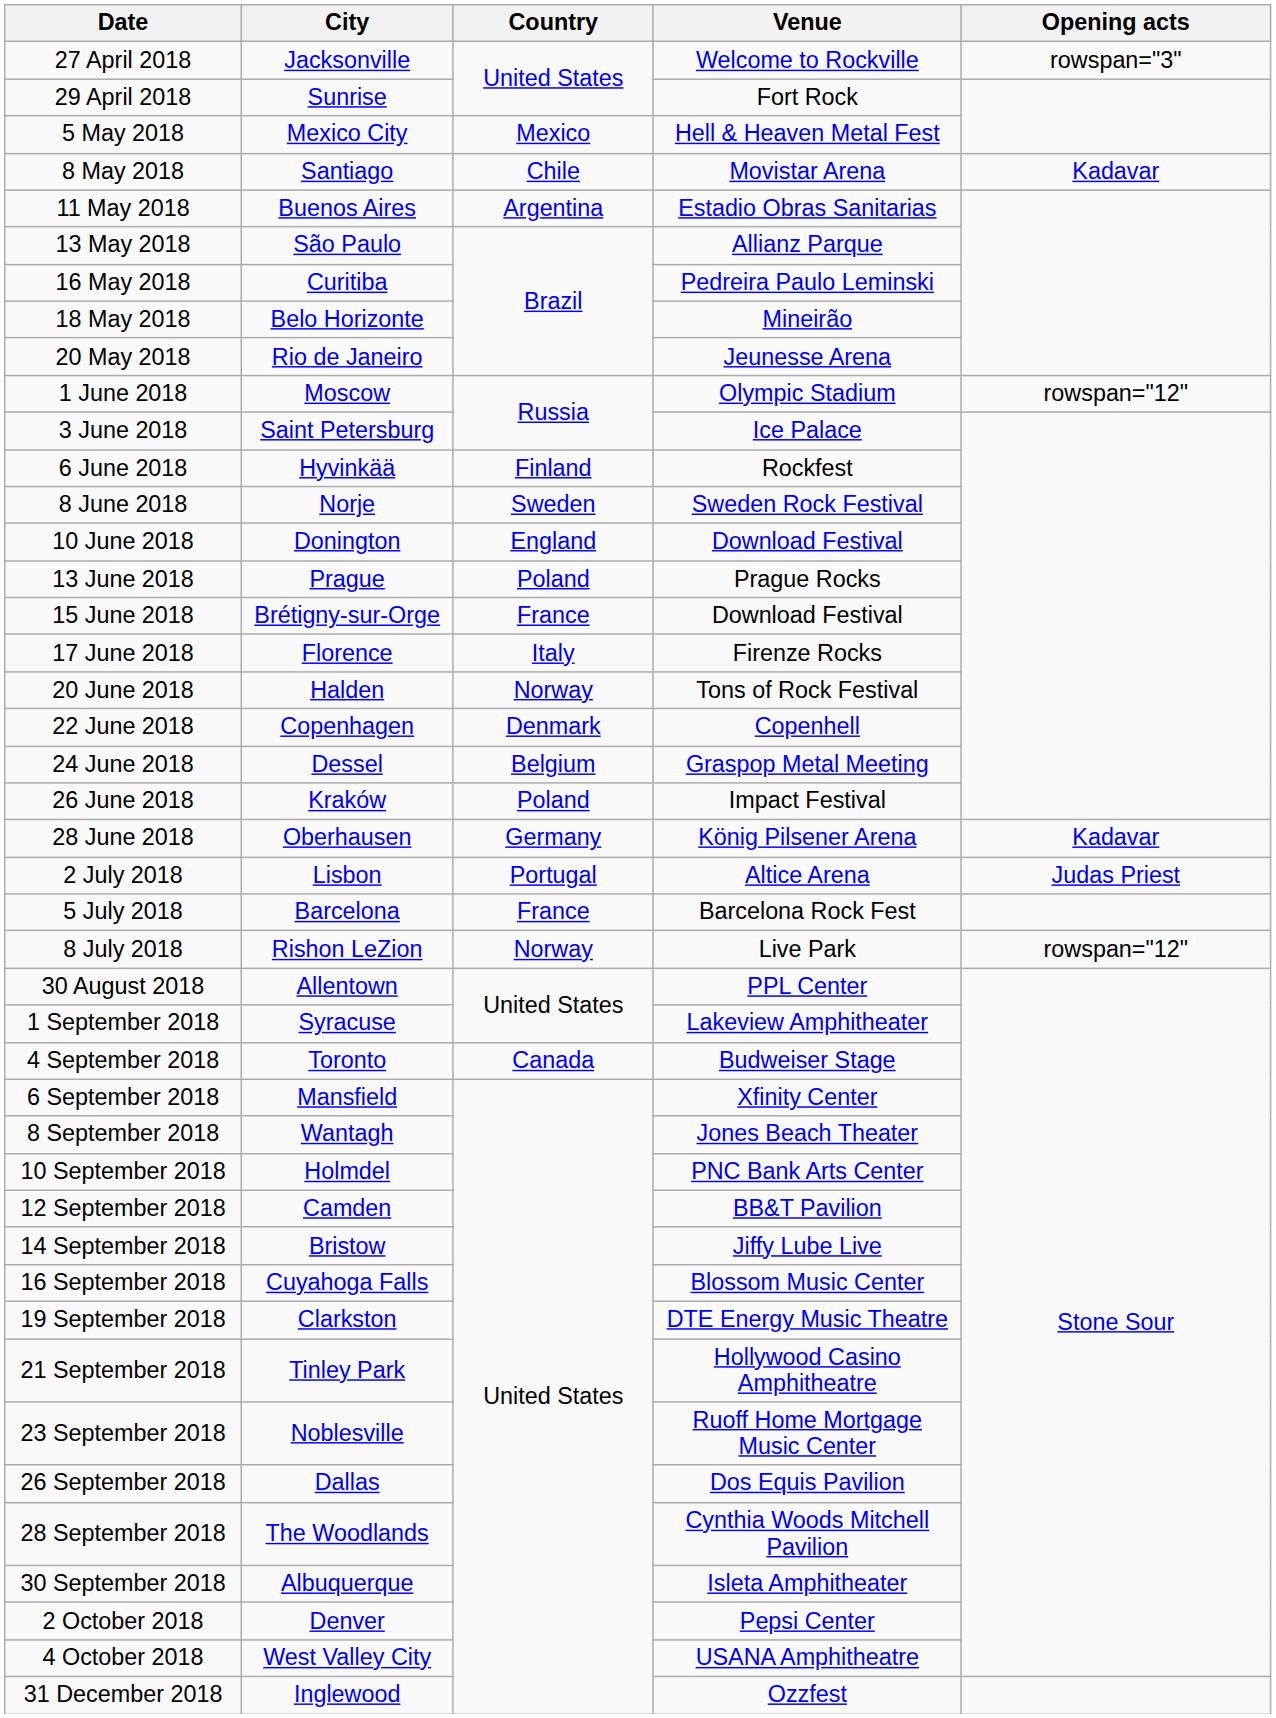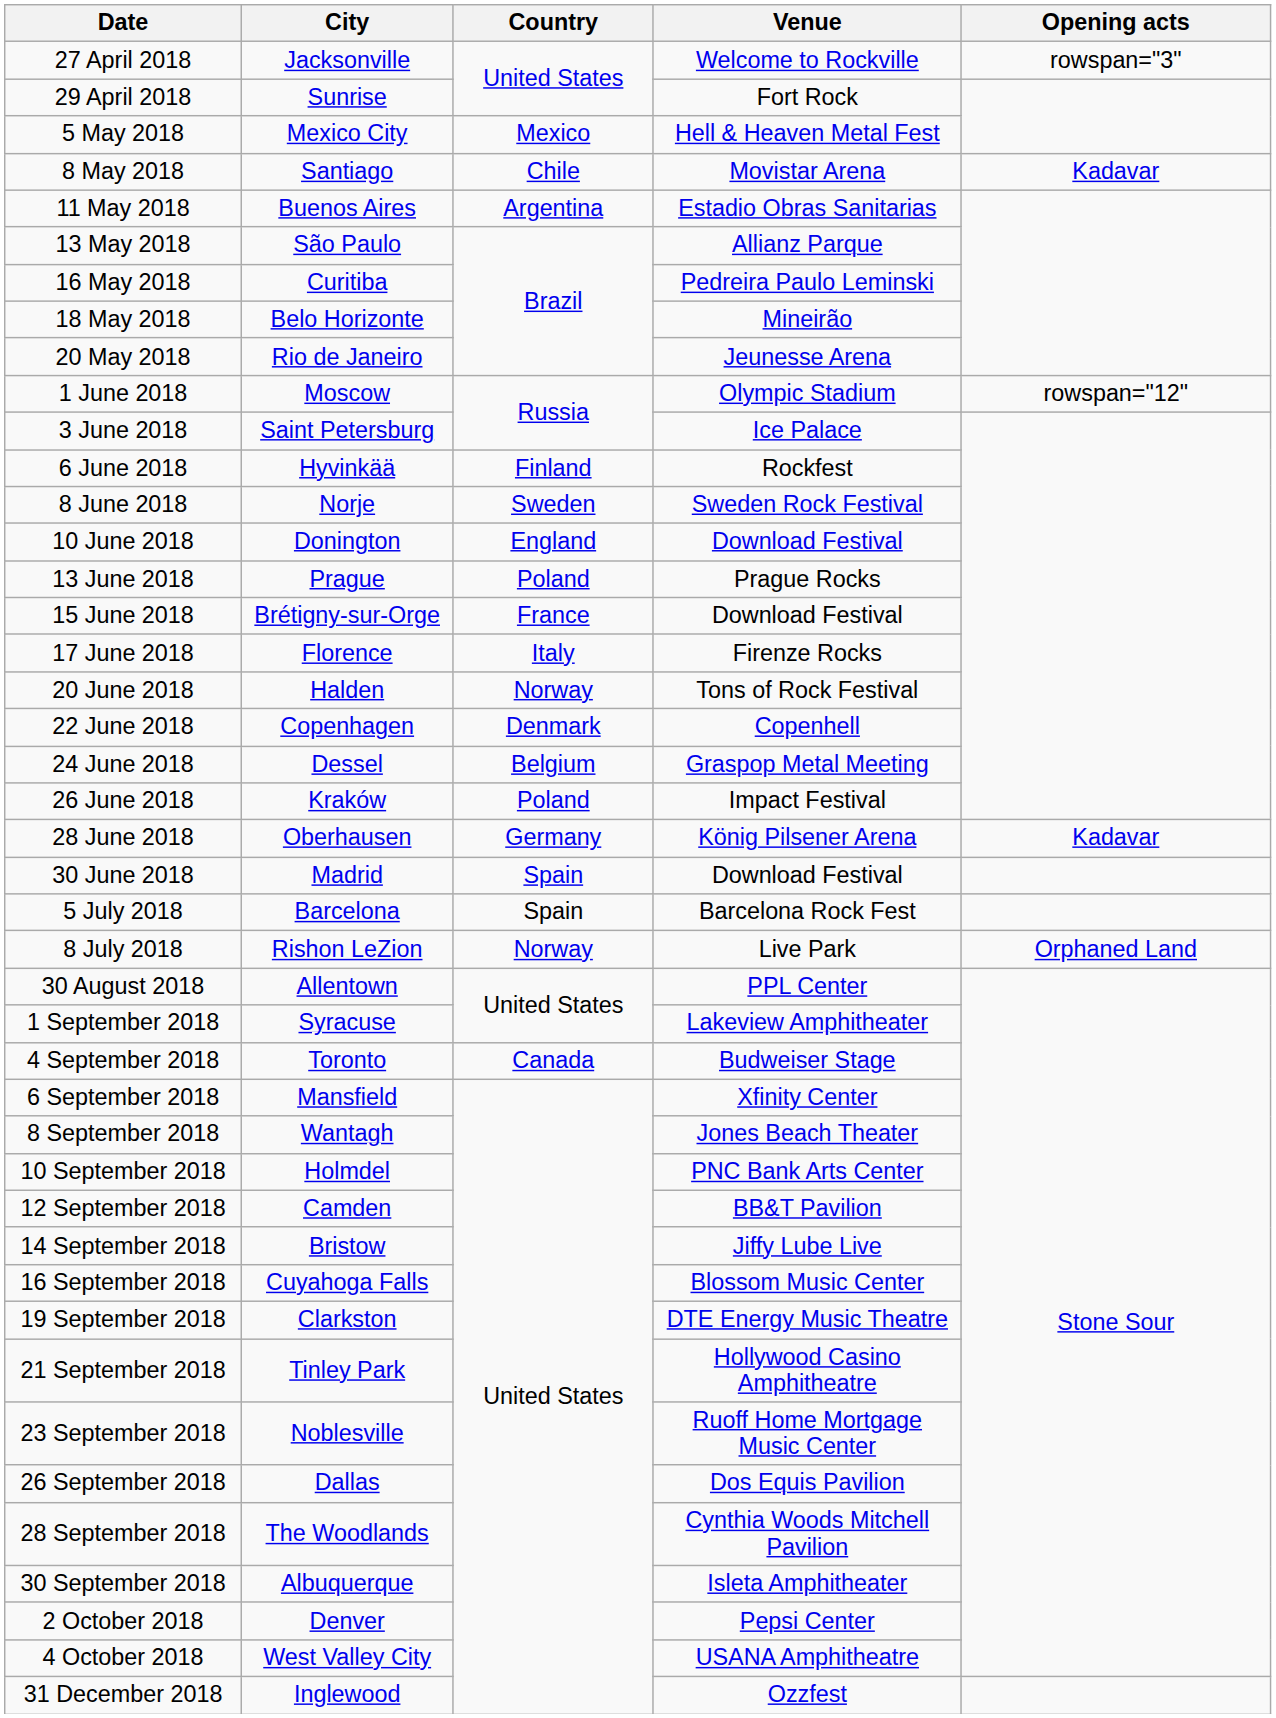 <table class="wikitable" style="text-align:center;">
 <tr>
 <th scope="col" style="width:12em;">Date</th>
 <th scope="col" style="width:10em;">City</th>
 <th scope="col" style="width:10em;">Country</th>
 <th scope="col" style="width:16em;">Venue</th>
 <th scope="col" style="width:16em;">Opening acts</th>
 </tr>
 <tr>
 <td>27 April 2018</td>
 <td><a href='#'>Jacksonville</a></td>
 <td rowspan="2"><a href='#'>United States</a></td>
 <td><a href='#'>Welcome to Rockville</a></td>
 <td>rowspan="3" </td>
 </tr>
 <tr>
 <td>29 April 2018</td>
 <td><a href='#'>Sunrise</a></td>
 <td>Fort Rock</td>
 </tr>
 <tr>
 <td>5 May 2018</td>
 <td><a href='#'>Mexico City</a></td>
 <td><a href='#'>Mexico</a></td>
 <td><a href='#'>Hell & Heaven Metal Fest</a></td>
 </tr>
 <tr>
 <td>8 May 2018</td>
 <td><a href='#'>Santiago</a></td>
 <td><a href='#'>Chile</a></td>
 <td><a href='#'>Movistar Arena</a></td>
 <td><a href='#'>Kadavar</a></td>
 </tr>
 <tr>
 <td>11 May 2018</td>
 <td><a href='#'>Buenos Aires</a></td>
 <td><a href='#'>Argentina</a></td>
 <td><a href='#'>Estadio Obras Sanitarias</a></td>
 </tr>
 <tr>
 <td>13 May 2018</td>
 <td><a href='#'>São Paulo</a></td>
 <td rowspan="4"><a href='#'>Brazil</a></td>
 <td><a href='#'>Allianz Parque</a></td>
 </tr>
 <tr>
 <td>16 May 2018</td>
 <td><a href='#'>Curitiba</a></td>
 <td><a href='#'>Pedreira Paulo Leminski</a></td>
 </tr>
 <tr>
 <td>18 May 2018</td>
 <td><a href='#'>Belo Horizonte</a></td>
 <td><a href='#'>Mineirão</a></td>
 </tr>
 <tr>
 <td>20 May 2018</td>
 <td><a href='#'>Rio de Janeiro</a></td>
 <td><a href='#'>Jeunesse Arena</a></td>
 </tr>
 <tr>
 <td>1 June 2018</td>
 <td><a href='#'>Moscow</a></td>
 <td rowspan="2"><a href='#'>Russia</a></td>
 <td><a href='#'>Olympic Stadium</a></td>
 <td>rowspan="12" </td>
 </tr>
 <tr>
 <td>3 June 2018</td>
 <td><a href='#'>Saint Petersburg</a></td>
 <td><a href='#'>Ice Palace</a></td>
 </tr>
 <tr>
 <td>6 June 2018</td>
 <td><a href='#'>Hyvinkää</a></td>
 <td><a href='#'>Finland</a></td>
 <td>Rockfest</td>
 </tr>
 <tr>
 <td>8 June 2018</td>
 <td><a href='#'>Norje</a></td>
 <td><a href='#'>Sweden</a></td>
 <td><a href='#'>Sweden Rock Festival</a></td>
 </tr>
 <tr>
 <td>10 June 2018</td>
 <td><a href='#'>Donington</a></td>
 <td><a href='#'>England</a></td>
 <td><a href='#'>Download Festival</a></td>
 </tr>
 <tr>
 <td>13 June 2018</td>
 <td><a href='#'>Prague</a></td>
 <td><a href='#'>Poland</a></td>
 <td>Prague Rocks</td>
 </tr>
 <tr>
 <td>15 June 2018</td>
 <td><a href='#'>Brétigny-sur-Orge</a></td>
 <td><a href='#'>France</a></td>
 <td>Download Festival</td>
 </tr>
 <tr>
 <td>17 June 2018</td>
 <td><a href='#'>Florence</a></td>
 <td><a href='#'>Italy</a></td>
 <td>Firenze Rocks</td>
 </tr>
 <tr>
 <td>20 June 2018</td>
 <td><a href='#'>Halden</a></td>
 <td><a href='#'>Norway</a></td>
 <td>Tons of Rock Festival</td>
 </tr>
 <tr>
 <td>22 June 2018</td>
 <td><a href='#'>Copenhagen</a></td>
 <td><a href='#'>Denmark</a></td>
 <td><a href='#'>Copenhell</a></td>
 </tr>
 <tr>
 <td>24 June 2018</td>
 <td><a href='#'>Dessel</a></td>
 <td><a href='#'>Belgium</a></td>
 <td><a href='#'>Graspop Metal Meeting</a></td>
 </tr>
 <tr>
 <td>26 June 2018</td>
 <td><a href='#'>Kraków</a></td>
 <td><a href='#'>Poland</a></td>
 <td>Impact Festival</td>
 </tr>
 <tr>
 <td>28 June 2018</td>
 <td><a href='#'>Oberhausen</a></td>
 <td><a href='#'>Germany</a></td>
 <td><a href='#'>König Pilsener Arena</a></td>
 <td><a href='#'>Kadavar</a></td>
 </tr>
 <tr>
-<td>2 July 2018</td>
-<td><a href='#'>Lisbon</a></td>
-<td><a href='#'>Portugal</a></td>
-<td><a href='#'>Altice Arena</a></td>
-<td><a href='#'>Judas Priest</a></td>
+<td>30 June 2018</td>
+<td><a href='#'>Madrid</a></td>
+<td><a href='#'>Spain</a></td>
+<td>Download Festival</td>
+<td></td>
 </tr>
 <tr>
 <td>5 July 2018</td>
 <td><a href='#'>Barcelona</a></td>
-<td><a href='#'>France</a></td>
+<td>Spain</td>
 <td>Barcelona Rock Fest</td>
 <td></td>
 </tr>
 <tr>
 <td>8 July 2018</td>
 <td><a href='#'>Rishon LeZion</a></td>
 <td><a href='#'>Norway</a></td>
 <td>Live Park</td>
-<td>rowspan="12" </td>
+<td rowspan="1"><a href='#'>Orphaned Land</a></td>
 </tr>
 <tr>
 <td>30 August 2018</td>
 <td><a href='#'>Allentown</a></td>
 <td rowspan="2">United States</td>
 <td><a href='#'>PPL Center</a></td>
 <td rowspan="17"><a href='#'>Stone Sour</a></td>
 </tr>
 <tr>
 <td>1 September 2018</td>
 <td><a href='#'>Syracuse</a></td>
 <td><a href='#'>Lakeview Amphitheater</a></td>
 </tr>
 <tr>
 <td>4 September 2018</td>
 <td><a href='#'>Toronto</a></td>
 <td><a href='#'>Canada</a></td>
 <td><a href='#'>Budweiser Stage</a></td>
 </tr>
 <tr>
 <td>6 September 2018</td>
 <td><a href='#'>Mansfield</a></td>
 <td rowspan="15">United States</td>
 <td><a href='#'>Xfinity Center</a></td>
 </tr>
 <tr>
 <td>8 September 2018</td>
 <td><a href='#'>Wantagh</a></td>
 <td><a href='#'>Jones Beach Theater</a></td>
 </tr>
 <tr>
 <td>10 September 2018</td>
 <td><a href='#'>Holmdel</a></td>
 <td><a href='#'>PNC Bank Arts Center</a></td>
 </tr>
 <tr>
 <td>12 September 2018</td>
 <td><a href='#'>Camden</a></td>
 <td><a href='#'>BB&T Pavilion</a></td>
 </tr>
 <tr>
 <td>14 September 2018</td>
 <td><a href='#'>Bristow</a></td>
 <td><a href='#'>Jiffy Lube Live</a></td>
 </tr>
 <tr>
 <td>16 September 2018</td>
 <td><a href='#'>Cuyahoga Falls</a></td>
 <td><a href='#'>Blossom Music Center</a></td>
 </tr>
 <tr>
 <td>19 September 2018</td>
 <td><a href='#'>Clarkston</a></td>
 <td><a href='#'>DTE Energy Music Theatre</a></td>
 </tr>
 <tr>
 <td>21 September 2018</td>
 <td><a href='#'>Tinley Park</a></td>
 <td><a href='#'>Hollywood Casino Amphitheatre</a></td>
 </tr>
 <tr>
 <td>23 September 2018</td>
 <td><a href='#'>Noblesville</a></td>
 <td><a href='#'>Ruoff Home Mortgage Music Center</a></td>
 </tr>
 <tr>
 <td>26 September 2018</td>
 <td><a href='#'>Dallas</a></td>
 <td><a href='#'>Dos Equis Pavilion</a></td>
 </tr>
 <tr>
 <td>28 September 2018</td>
 <td><a href='#'>The Woodlands</a></td>
 <td><a href='#'>Cynthia Woods Mitchell Pavilion</a></td>
 </tr>
 <tr>
 <td>30 September 2018</td>
 <td><a href='#'>Albuquerque</a></td>
 <td><a href='#'>Isleta Amphitheater</a></td>
 </tr>
 <tr>
 <td>2 October 2018</td>
 <td><a href='#'>Denver</a></td>
 <td><a href='#'>Pepsi Center</a></td>
 </tr>
 <tr>
 <td>4 October 2018</td>
 <td><a href='#'>West Valley City</a></td>
 <td><a href='#'>USANA Amphitheatre</a></td>
 </tr>
 <tr>
 <td>31 December 2018</td>
 <td><a href='#'>Inglewood</a></td>
 <td><a href='#'>Ozzfest</a></td>
 <td></td>
 </tr>
 </table>
